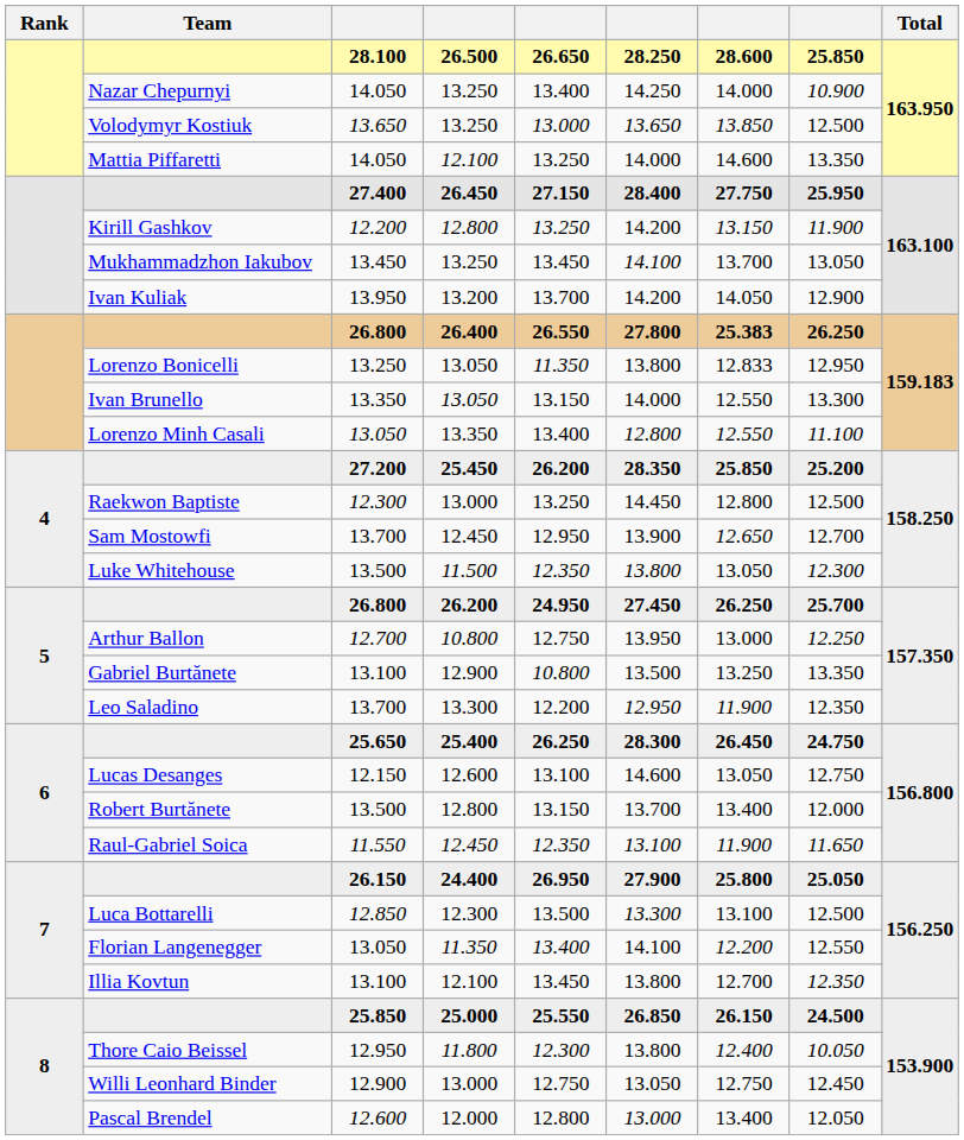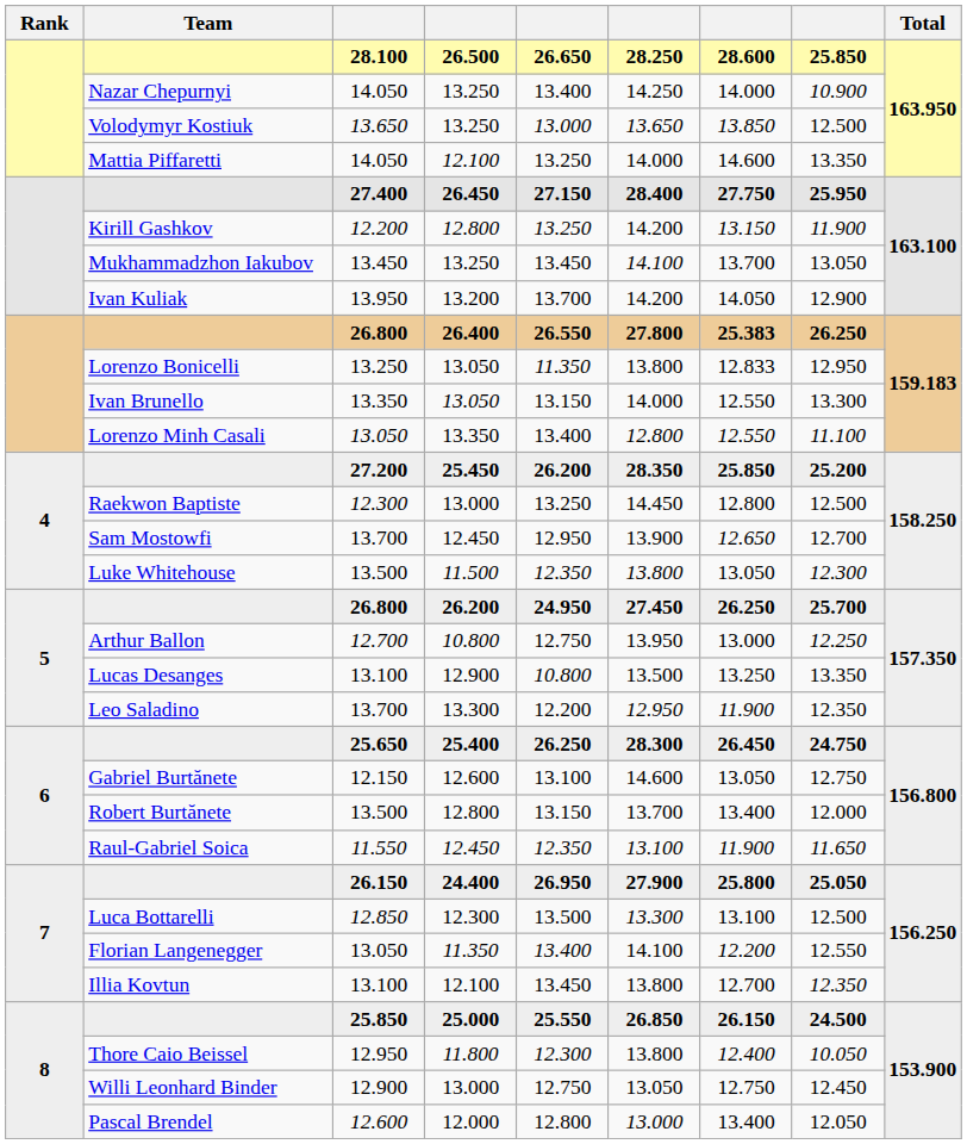 <table style="text-align:center; font-size:95%" class="wikitable sortable">
 <tr>
 <th scope="col" style="width:50px;">Rank</th>
 <th scope="col" style="width:175px;">Team</th>
 <th scope="col" style="width:60px;"></th>
 <th scope="col" style="width:60px;"></th>
 <th scope="col" style="width:60px;"></th>
 <th scope="col" style="width:60px;"></th>
 <th scope="col" style="width:60px;"></th>
 <th scope="col" style="width:60px;"></th>
 <th>Total</th>
 </tr>
 <tr style="background:#fffcaf;">
 <td rowspan="4"><strong></strong></td>
 <td style="text-align:left;"></td>
 <td><strong>28.100</strong></td>
 <td><strong>26.500</strong></td>
 <td><strong>26.650</strong></td>
 <td><strong>28.250</strong></td>
 <td><strong>28.600</strong></td>
 <td><strong>25.850</strong></td>
 <td rowspan="4"><strong>163.950</strong></td>
 </tr>
 <tr>
 <td style="text-align:left;"><a href='#'>Nazar Chepurnyi</a></td>
 <td>14.050</td>
 <td>13.250</td>
 <td>13.400</td>
 <td>14.250</td>
 <td>14.000</td>
 <td><em>10.900</em></td>
 </tr>
 <tr>
 <td style="text-align:left;"><a href='#'>Volodymyr Kostiuk</a></td>
 <td><em>13.650</em></td>
 <td>13.250</td>
 <td><em>13.000</em></td>
 <td><em>13.650</em></td>
 <td><em>13.850</em></td>
 <td>12.500</td>
 </tr>
 <tr>
 <td style="text-align:left;"><a href='#'>Mattia Piffaretti</a></td>
 <td>14.050</td>
 <td><em>12.100</em></td>
 <td>13.250</td>
 <td>14.000</td>
 <td>14.600</td>
 <td>13.350</td>
 </tr>
 <tr style="background:#e5e5e5;">
 <td rowspan="4"><strong></strong></td>
 <td style="text-align:left;"></td>
 <td><strong>27.400</strong></td>
 <td><strong>26.450</strong></td>
 <td><strong>27.150</strong></td>
 <td><strong>28.400</strong></td>
 <td><strong>27.750</strong></td>
 <td><strong>25.950</strong></td>
 <td rowspan="4"><strong>163.100</strong></td>
 </tr>
 <tr>
 <td style="text-align:left;"><a href='#'>Kirill Gashkov</a></td>
 <td><em>12.200</em></td>
 <td><em>12.800</em></td>
 <td><em>13.250</em></td>
 <td>14.200</td>
 <td><em>13.150</em></td>
 <td><em>11.900</em></td>
 </tr>
 <tr>
 <td style="text-align:left;"><a href='#'>Mukhammadzhon Iakubov</a></td>
 <td>13.450</td>
 <td>13.250</td>
 <td>13.450</td>
 <td><em>14.100</em></td>
 <td>13.700</td>
 <td>13.050</td>
 </tr>
 <tr>
 <td style="text-align:left;"><a href='#'>Ivan Kuliak</a></td>
 <td>13.950</td>
 <td>13.200</td>
 <td>13.700</td>
 <td>14.200</td>
 <td>14.050</td>
 <td>12.900</td>
 </tr>
 <tr style="background:#ec9;">
 <td rowspan="4"><strong></strong></td>
 <td style="text-align:left;"></td>
 <td><strong>26.800</strong></td>
 <td><strong>26.400</strong></td>
 <td><strong>26.550</strong></td>
 <td><strong>27.800</strong></td>
 <td><strong>25.383</strong></td>
 <td><strong>26.250</strong></td>
 <td rowspan="4"><strong>159.183</strong></td>
 </tr>
 <tr>
 <td style="text-align:left;"><a href='#'>Lorenzo Bonicelli</a></td>
 <td>13.250</td>
 <td>13.050</td>
 <td><em>11.350</em></td>
 <td>13.800</td>
 <td>12.833</td>
 <td>12.950</td>
 </tr>
 <tr>
 <td style="text-align:left;"><a href='#'>Ivan Brunello</a></td>
 <td>13.350</td>
 <td><em>13.050</em></td>
 <td>13.150</td>
 <td>14.000</td>
 <td>12.550</td>
 <td>13.300</td>
 </tr>
 <tr>
 <td style="text-align:left;"><a href='#'>Lorenzo Minh Casali</a></td>
 <td><em>13.050</em></td>
 <td>13.350</td>
 <td>13.400</td>
 <td><em>12.800</em></td>
 <td><em>12.550</em></td>
 <td><em>11.100</em></td>
 </tr>
 <tr style="background:#eee;">
 <td rowspan="4"><strong>4</strong></td>
 <td style="text-align:left;"></td>
 <td><strong>27.200</strong></td>
 <td><strong>25.450</strong></td>
 <td><strong>26.200</strong></td>
 <td><strong>28.350</strong></td>
 <td><strong>25.850</strong></td>
 <td><strong>25.200</strong></td>
 <td rowspan="4"><strong>158.250</strong></td>
 </tr>
 <tr>
 <td style="text-align:left;"><a href='#'>Raekwon Baptiste</a></td>
 <td><em>12.300</em></td>
 <td>13.000</td>
 <td>13.250</td>
 <td>14.450</td>
 <td>12.800</td>
 <td>12.500</td>
 </tr>
 <tr>
 <td style="text-align:left;"><a href='#'>Sam Mostowfi</a></td>
 <td>13.700</td>
 <td>12.450</td>
 <td>12.950</td>
 <td>13.900</td>
 <td><em>12.650</em></td>
 <td>12.700</td>
 </tr>
 <tr>
 <td style="text-align:left;"><a href='#'>Luke Whitehouse</a></td>
 <td>13.500</td>
 <td><em>11.500</em></td>
 <td><em>12.350</em></td>
 <td><em>13.800</em></td>
 <td>13.050</td>
 <td><em>12.300</em></td>
 </tr>
 <tr style="background:#eee;">
 <td rowspan="4"><strong>5</strong></td>
 <td style="text-align:left;"></td>
 <td><strong>26.800</strong></td>
 <td><strong>26.200</strong></td>
 <td><strong>24.950</strong></td>
 <td><strong>27.450</strong></td>
 <td><strong>26.250</strong></td>
 <td><strong>25.700</strong></td>
 <td rowspan="4"><strong>157.350</strong></td>
 </tr>
 <tr>
 <td style="text-align:left;"><a href='#'>Arthur Ballon</a></td>
 <td><em>12.700</em></td>
 <td><em>10.800</em></td>
 <td>12.750</td>
 <td>13.950</td>
 <td>13.000</td>
 <td><em>12.250</em></td>
 </tr>
 <tr>
-<td style="text-align:left;"><a href='#'>Gabriel Burtănete</a></td>
+<td style="text-align:left;"><a href='#'>Lucas Desanges</a></td>
 <td>13.100</td>
 <td>12.900</td>
 <td><em>10.800</em></td>
 <td>13.500</td>
 <td>13.250</td>
 <td>13.350</td>
 </tr>
 <tr>
 <td style="text-align:left;"><a href='#'>Leo Saladino</a></td>
 <td>13.700</td>
 <td>13.300</td>
 <td>12.200</td>
 <td><em>12.950</em></td>
 <td><em>11.900</em></td>
 <td>12.350</td>
 </tr>
 <tr style="background:#eee;">
 <td rowspan="4"><strong>6</strong></td>
 <td style="text-align:left;"></td>
 <td><strong>25.650</strong></td>
 <td><strong>25.400</strong></td>
 <td><strong>26.250</strong></td>
 <td><strong>28.300</strong></td>
 <td><strong>26.450</strong></td>
 <td><strong>24.750</strong></td>
 <td rowspan="4"><strong>156.800</strong></td>
 </tr>
 <tr>
-<td style="text-align:left;"><a href='#'>Lucas Desanges</a></td>
+<td style="text-align:left;"><a href='#'>Gabriel Burtănete</a></td>
 <td>12.150</td>
 <td>12.600</td>
 <td>13.100</td>
 <td>14.600</td>
 <td>13.050</td>
 <td>12.750</td>
 </tr>
 <tr>
 <td style="text-align:left;"><a href='#'>Robert Burtănete</a></td>
 <td>13.500</td>
 <td>12.800</td>
 <td>13.150</td>
 <td>13.700</td>
 <td>13.400</td>
 <td>12.000</td>
 </tr>
 <tr>
 <td style="text-align:left;"><a href='#'>Raul-Gabriel Soica</a></td>
 <td><em>11.550</em></td>
 <td><em>12.450</em></td>
 <td><em>12.350</em></td>
 <td><em>13.100</em></td>
 <td><em>11.900</em></td>
 <td><em>11.650</em></td>
 </tr>
 <tr style="background:#eee;">
 <td rowspan="4"><strong>7</strong></td>
 <td style="text-align:left;"></td>
 <td><strong>26.150</strong></td>
 <td><strong>24.400</strong></td>
 <td><strong>26.950</strong></td>
 <td><strong>27.900</strong></td>
 <td><strong>25.800</strong></td>
 <td><strong>25.050</strong></td>
 <td rowspan="4"><strong>156.250</strong></td>
 </tr>
 <tr>
 <td style="text-align:left;"><a href='#'>Luca Bottarelli</a></td>
 <td><em>12.850</em></td>
 <td>12.300</td>
 <td>13.500</td>
 <td><em>13.300</em></td>
 <td>13.100</td>
 <td>12.500</td>
 </tr>
 <tr>
 <td style="text-align:left;"><a href='#'>Florian Langenegger</a></td>
 <td>13.050</td>
 <td><em>11.350</em></td>
 <td><em>13.400</em></td>
 <td>14.100</td>
 <td><em>12.200</em></td>
 <td>12.550</td>
 </tr>
 <tr>
 <td style="text-align:left;"><a href='#'>Illia Kovtun</a></td>
 <td>13.100</td>
 <td>12.100</td>
 <td>13.450</td>
 <td>13.800</td>
 <td>12.700</td>
 <td><em>12.350</em></td>
 </tr>
 <tr style="background:#eee;">
 <td rowspan="4"><strong>8</strong></td>
 <td style="text-align:left;"></td>
 <td><strong>25.850</strong></td>
 <td><strong>25.000</strong></td>
 <td><strong>25.550</strong></td>
 <td><strong>26.850</strong></td>
 <td><strong>26.150</strong></td>
 <td><strong>24.500</strong></td>
 <td rowspan="4"><strong>153.900</strong></td>
 </tr>
 <tr>
 <td style="text-align:left;"><a href='#'>Thore Caio Beissel</a></td>
 <td>12.950</td>
 <td><em>11.800</em></td>
 <td><em>12.300</em></td>
 <td>13.800</td>
 <td><em>12.400</em></td>
 <td><em>10.050</em></td>
 </tr>
 <tr>
 <td style="text-align:left;"><a href='#'>Willi Leonhard Binder</a></td>
 <td>12.900</td>
 <td>13.000</td>
 <td>12.750</td>
 <td>13.050</td>
 <td>12.750</td>
 <td>12.450</td>
 </tr>
 <tr>
 <td style="text-align:left;"><a href='#'>Pascal Brendel</a></td>
 <td><em>12.600</em></td>
 <td>12.000</td>
 <td>12.800</td>
 <td><em>13.000</em></td>
 <td>13.400</td>
 <td>12.050</td>
 </tr>
 </table>
